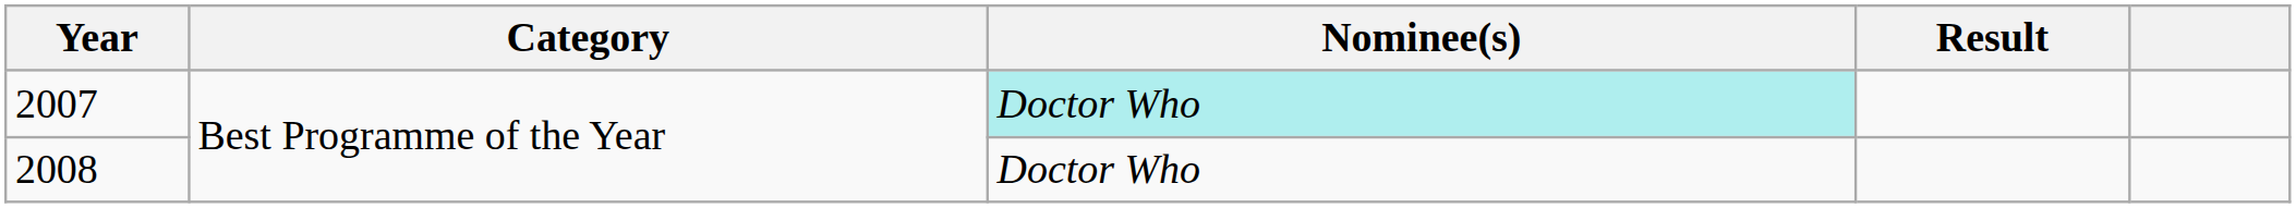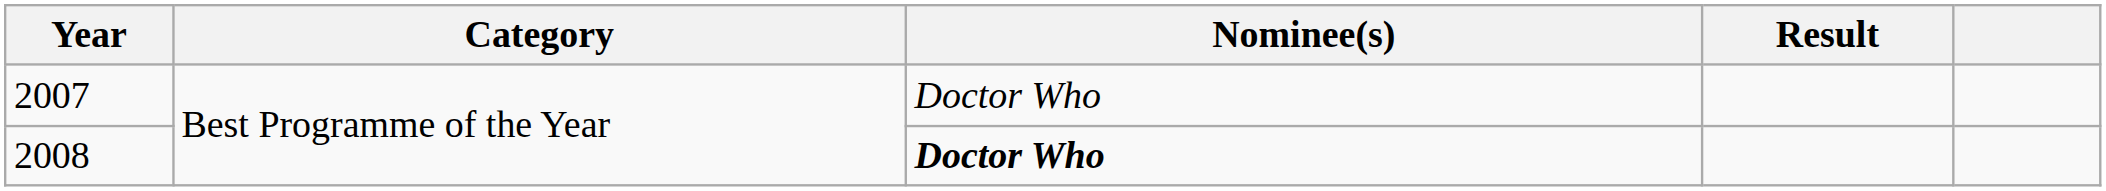 <table class="wikitable" style="width:70%">
 <tr>
 <th style="width:8%">Year</th>
 <th style="width:35%">Category</th>
 <th style="width:38%">Nominee(s)</th>
 <th style="width:12%">Result</th>
 <th style="width:7%"></th>
 </tr>
 <tr>
 <td>2007</td>
 <td rowspan="2">Best Programme of the Year</td>
-<td style="background: paleturquoise;"><em>Doctor Who</em></td>
+<td><em>Doctor Who</em></td>
 <td></td>
 <td></td>
 </tr>
 <tr>
 <td>2008</td>
-<td><em>Doctor Who</em></td>
+<td><strong><em>Doctor Who</em></strong></td>
 <td></td>
 <td></td>
 </tr>
 </table>
